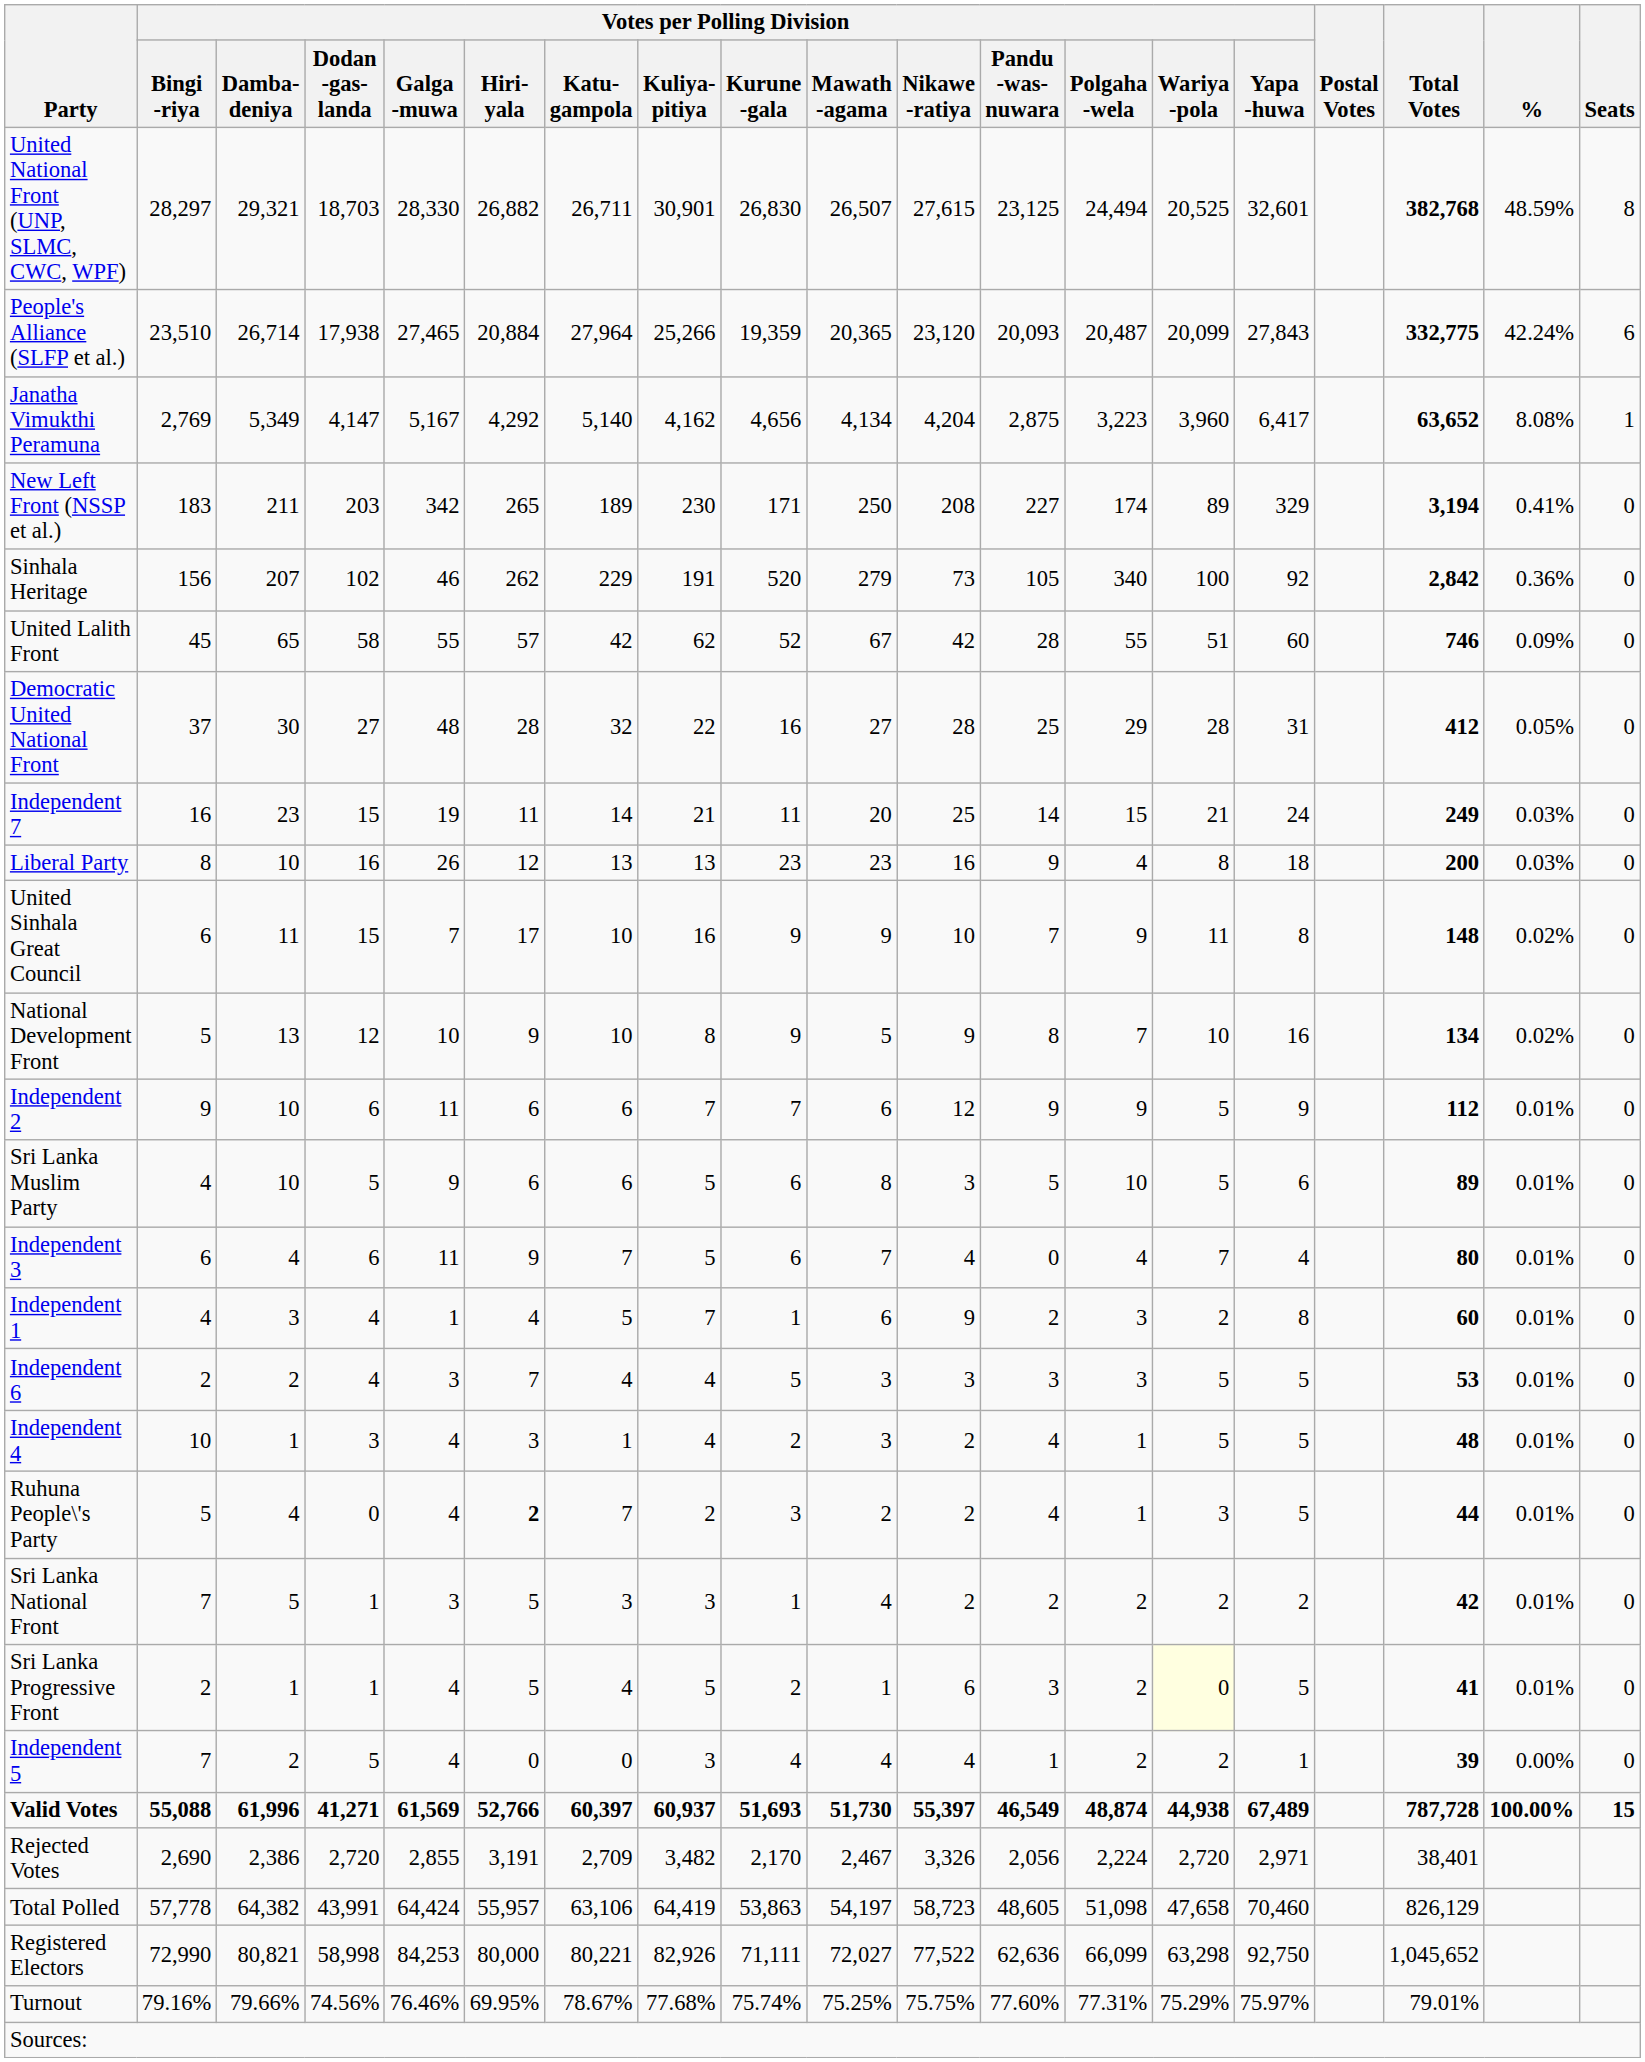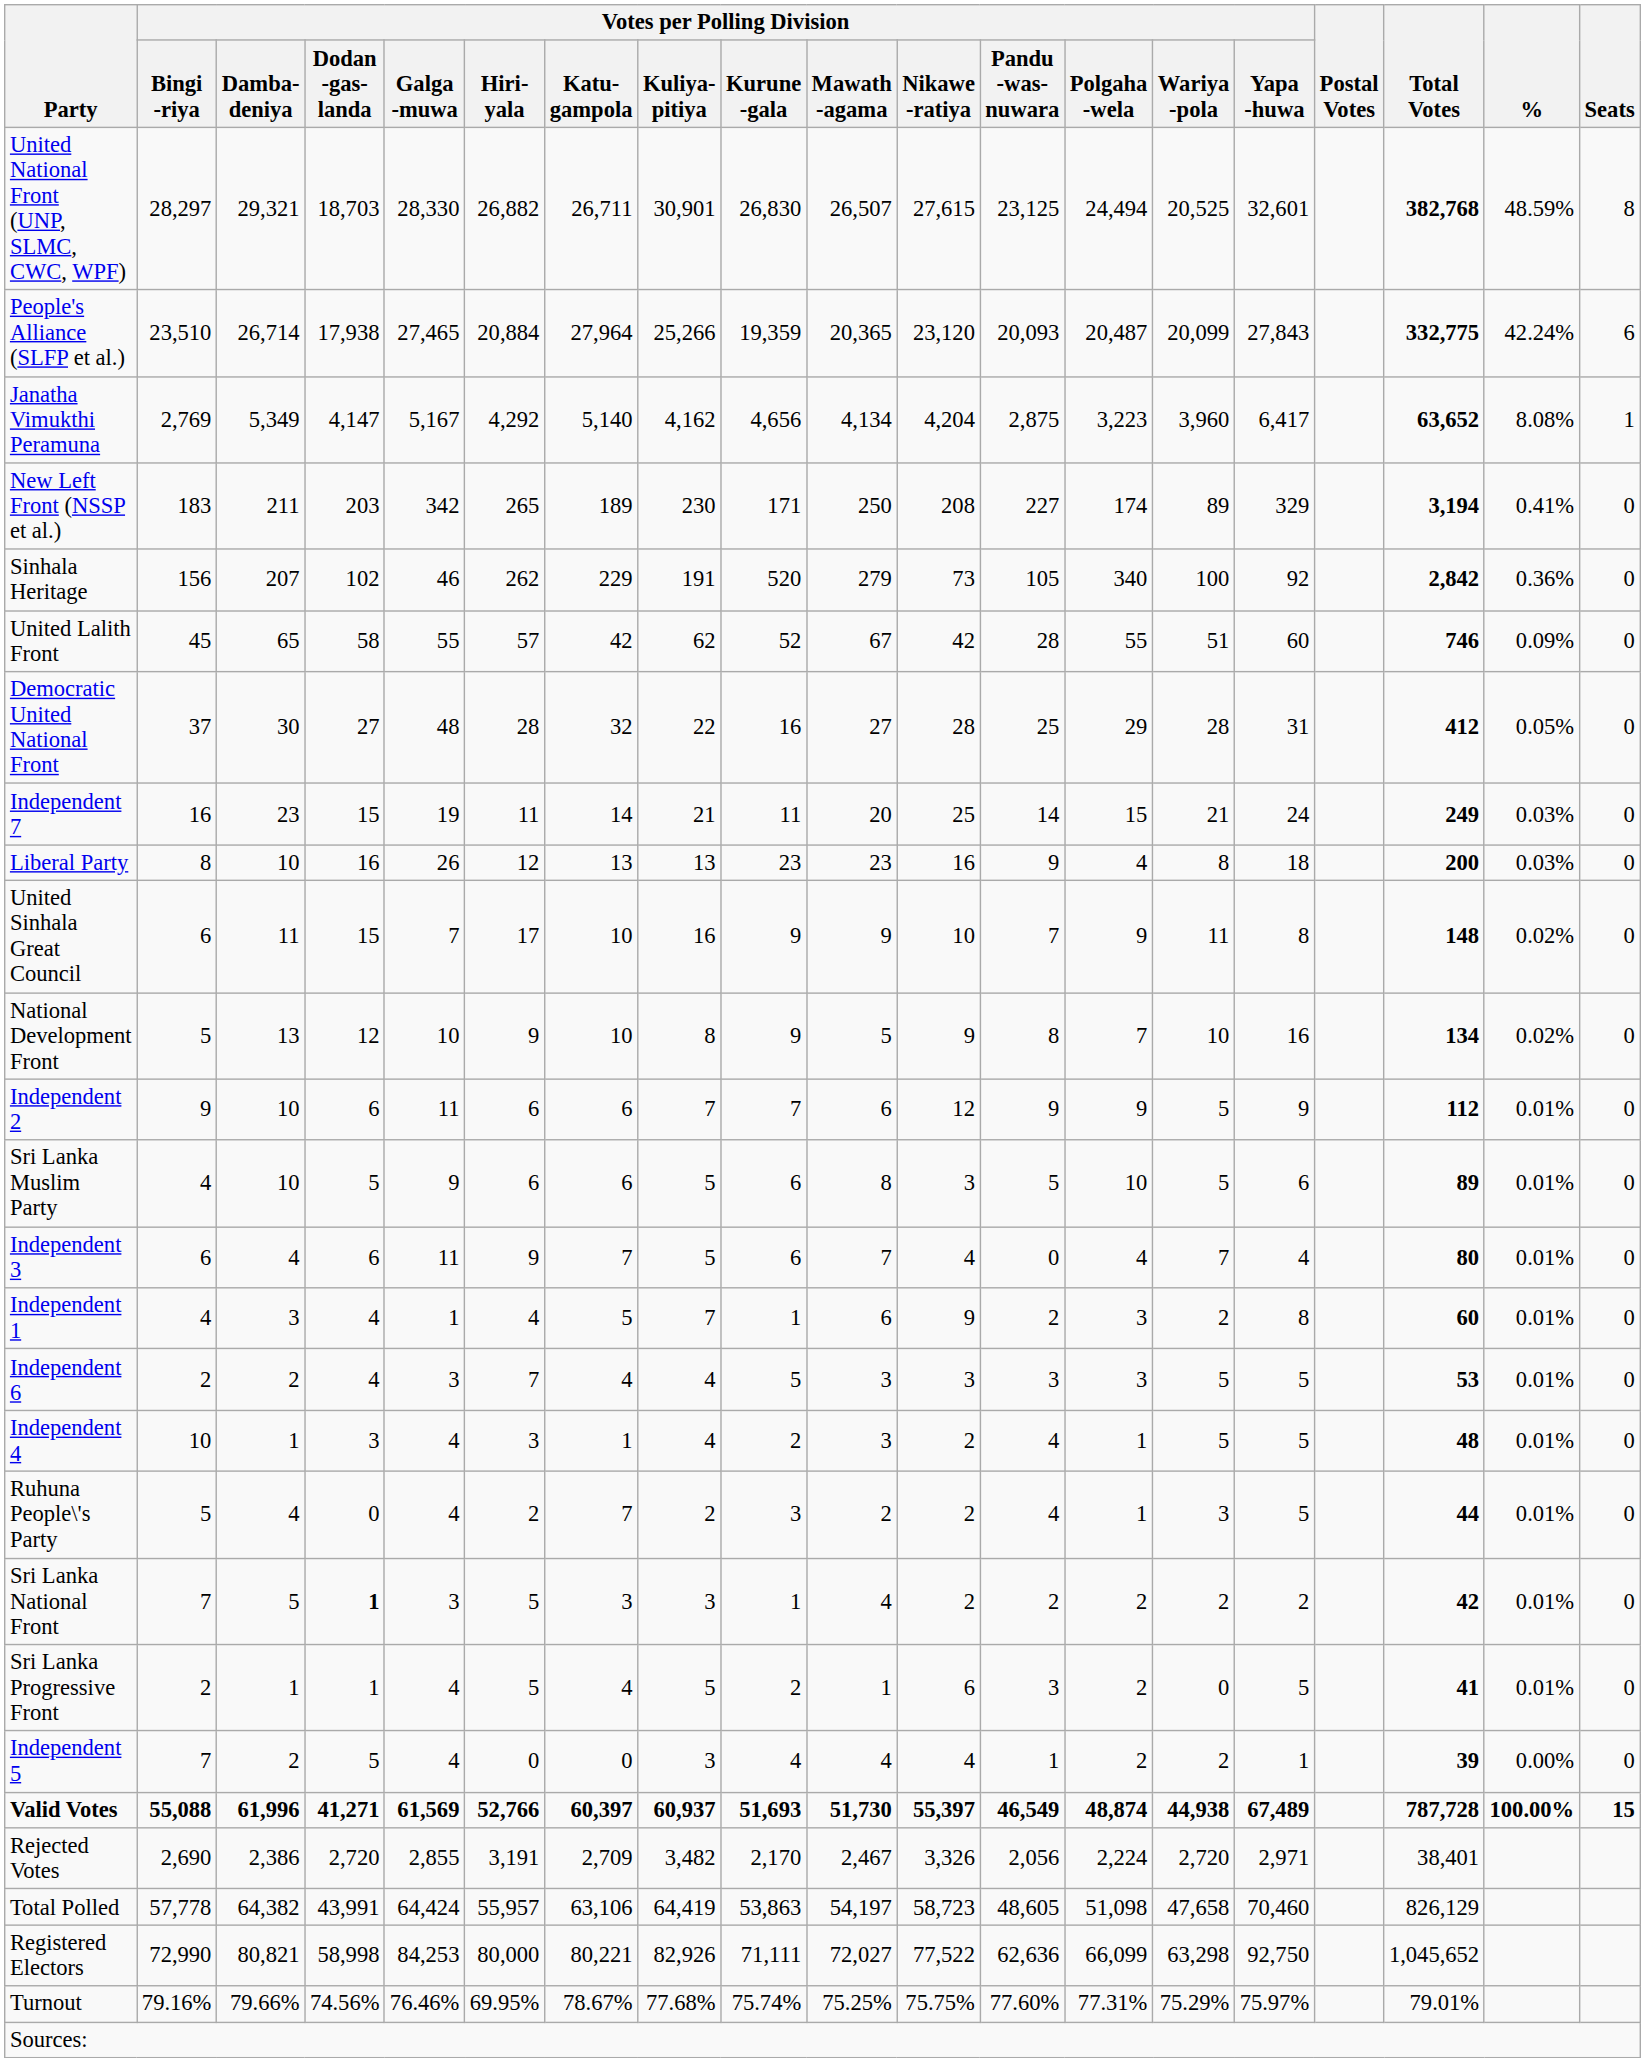 <table class="wikitable" border="1" style="text-align:right;">
 <tr>
 <th align=left valign=bottom rowspan=2 width="180">Party</th>
 <th colspan=14>Votes per Polling Division</th>
 <th align=center valign=bottom rowspan=2 width="50">Postal<br>Votes</th>
 <th align=center valign=bottom rowspan=2 width="50">Total Votes</th>
 <th align=center valign=bottom rowspan=2 width="50">%</th>
 <th align=center valign=bottom rowspan=2 width="40">Seats</th>
 </tr>
 <tr>
 <th align=center valign=bottom width="50">Bingi<br>-riya</th>
 <th align=center valign=bottom width="50">Damba-<br>deniya</th>
 <th align=center valign=bottom width="50">Dodan<br>-gas-<br>landa</th>
 <th align=center valign=bottom width="50">Galga<br>-muwa</th>
 <th align=center valign=bottom width="50">Hiri-<br>yala</th>
 <th align=center valign=bottom width="50">Katu-<br>gampola</th>
 <th align=center valign=bottom width="50">Kuliya-<br>pitiya</th>
 <th align=center valign=bottom width="50">Kurune<br>-gala</th>
 <th align=center valign=bottom width="50">Mawath<br>-agama</th>
 <th align=center valign=bottom width="50">Nikawe<br>-ratiya</th>
 <th align=center valign=bottom width="50">Pandu<br>-was-<br>nuwara</th>
 <th align=center valign=bottom width="50">Polgaha<br>-wela</th>
 <th align=center valign=bottom width="50">Wariya<br>-pola</th>
 <th align=center valign=bottom width="50">Yapa<br>-huwa</th>
 </tr>
 <tr>
 <td align=left><a href='#'>United National Front</a><br>(<a href='#'>UNP</a>, <a href='#'>SLMC</a>, <a href='#'>CWC</a>, <a href='#'>WPF</a>)</td>
 <td>28,297</td>
 <td>29,321</td>
 <td>18,703</td>
 <td>28,330</td>
 <td>26,882</td>
 <td>26,711</td>
 <td>30,901</td>
 <td>26,830</td>
 <td>26,507</td>
 <td>27,615</td>
 <td>23,125</td>
 <td>24,494</td>
 <td>20,525</td>
 <td>32,601</td>
 <td></td>
 <td><strong>382,768</strong></td>
 <td>48.59%</td>
 <td>8</td>
 </tr>
 <tr>
 <td align=left><a href='#'>People's Alliance</a><br>(<a href='#'>SLFP</a> et al.)</td>
 <td>23,510</td>
 <td>26,714</td>
 <td>17,938</td>
 <td>27,465</td>
 <td>20,884</td>
 <td>27,964</td>
 <td>25,266</td>
 <td>19,359</td>
 <td>20,365</td>
 <td>23,120</td>
 <td>20,093</td>
 <td>20,487</td>
 <td>20,099</td>
 <td>27,843</td>
 <td></td>
 <td><strong>332,775</strong></td>
 <td>42.24%</td>
 <td>6</td>
 </tr>
 <tr>
 <td align=left><a href='#'>Janatha Vimukthi Peramuna</a></td>
 <td>2,769</td>
 <td>5,349</td>
 <td>4,147</td>
 <td>5,167</td>
 <td>4,292</td>
 <td>5,140</td>
 <td>4,162</td>
 <td>4,656</td>
 <td>4,134</td>
 <td>4,204</td>
 <td>2,875</td>
 <td>3,223</td>
 <td>3,960</td>
 <td>6,417</td>
 <td></td>
 <td><strong>63,652</strong></td>
 <td>8.08%</td>
 <td>1</td>
 </tr>
 <tr>
 <td align=left><a href='#'>New Left Front</a> (<a href='#'>NSSP</a> et al.)</td>
 <td>183</td>
 <td>211</td>
 <td>203</td>
 <td>342</td>
 <td>265</td>
 <td>189</td>
 <td>230</td>
 <td>171</td>
 <td>250</td>
 <td>208</td>
 <td>227</td>
 <td>174</td>
 <td>89</td>
 <td>329</td>
 <td></td>
 <td><strong>3,194</strong></td>
 <td>0.41%</td>
 <td>0</td>
 </tr>
 <tr>
 <td align=left>Sinhala Heritage</td>
 <td>156</td>
 <td>207</td>
 <td>102</td>
 <td>46</td>
 <td>262</td>
 <td>229</td>
 <td>191</td>
 <td>520</td>
 <td>279</td>
 <td>73</td>
 <td>105</td>
 <td>340</td>
 <td>100</td>
 <td>92</td>
 <td></td>
 <td><strong>2,842</strong></td>
 <td>0.36%</td>
 <td>0</td>
 </tr>
 <tr>
 <td align=left>United Lalith Front</td>
 <td>45</td>
 <td>65</td>
 <td>58</td>
 <td>55</td>
 <td>57</td>
 <td>42</td>
 <td>62</td>
 <td>52</td>
 <td>67</td>
 <td>42</td>
 <td>28</td>
 <td>55</td>
 <td>51</td>
 <td>60</td>
 <td></td>
 <td><strong>746</strong></td>
 <td>0.09%</td>
 <td>0</td>
 </tr>
 <tr>
 <td align=left><a href='#'>Democratic United National Front</a></td>
 <td>37</td>
 <td>30</td>
 <td>27</td>
 <td>48</td>
 <td>28</td>
 <td>32</td>
 <td>22</td>
 <td>16</td>
 <td>27</td>
 <td>28</td>
 <td>25</td>
 <td>29</td>
 <td>28</td>
 <td>31</td>
 <td></td>
 <td><strong>412</strong></td>
 <td>0.05%</td>
 <td>0</td>
 </tr>
 <tr>
 <td align=left><a href='#'>Independent 7</a></td>
 <td>16</td>
 <td>23</td>
 <td>15</td>
 <td>19</td>
 <td>11</td>
 <td>14</td>
 <td>21</td>
 <td>11</td>
 <td>20</td>
 <td>25</td>
 <td>14</td>
 <td>15</td>
 <td>21</td>
 <td>24</td>
 <td></td>
 <td><strong>249</strong></td>
 <td>0.03%</td>
 <td>0</td>
 </tr>
 <tr>
 <td align=left><a href='#'>Liberal Party</a></td>
 <td>8</td>
 <td>10</td>
 <td>16</td>
 <td>26</td>
 <td>12</td>
 <td>13</td>
 <td>13</td>
 <td>23</td>
 <td>23</td>
 <td>16</td>
 <td>9</td>
 <td>4</td>
 <td>8</td>
 <td>18</td>
 <td></td>
 <td><strong>200</strong></td>
 <td>0.03%</td>
 <td>0</td>
 </tr>
 <tr>
 <td align=left>United Sinhala Great Council</td>
 <td>6</td>
 <td>11</td>
 <td>15</td>
 <td>7</td>
 <td>17</td>
 <td>10</td>
 <td>16</td>
 <td>9</td>
 <td>9</td>
 <td>10</td>
 <td>7</td>
 <td>9</td>
 <td>11</td>
 <td>8</td>
 <td></td>
 <td><strong>148</strong></td>
 <td>0.02%</td>
 <td>0</td>
 </tr>
 <tr>
 <td align=left>National Development Front</td>
 <td>5</td>
 <td>13</td>
 <td>12</td>
 <td>10</td>
 <td>9</td>
 <td>10</td>
 <td>8</td>
 <td>9</td>
 <td>5</td>
 <td>9</td>
 <td>8</td>
 <td>7</td>
 <td>10</td>
 <td>16</td>
 <td></td>
 <td><strong>134</strong></td>
 <td>0.02%</td>
 <td>0</td>
 </tr>
 <tr>
 <td align=left><a href='#'>Independent 2</a></td>
 <td>9</td>
 <td>10</td>
 <td>6</td>
 <td>11</td>
 <td>6</td>
 <td>6</td>
 <td>7</td>
 <td>7</td>
 <td>6</td>
 <td>12</td>
 <td>9</td>
 <td>9</td>
 <td>5</td>
 <td>9</td>
 <td></td>
 <td><strong>112</strong></td>
 <td>0.01%</td>
 <td>0</td>
 </tr>
 <tr>
 <td align=left>Sri Lanka Muslim Party</td>
 <td>4</td>
 <td>10</td>
 <td>5</td>
 <td>9</td>
 <td>6</td>
 <td>6</td>
 <td>5</td>
 <td>6</td>
 <td>8</td>
 <td>3</td>
 <td>5</td>
 <td>10</td>
 <td>5</td>
 <td>6</td>
 <td></td>
 <td><strong>89</strong></td>
 <td>0.01%</td>
 <td>0</td>
 </tr>
 <tr>
 <td align=left><a href='#'>Independent 3</a></td>
 <td>6</td>
 <td>4</td>
 <td>6</td>
 <td>11</td>
 <td>9</td>
 <td>7</td>
 <td>5</td>
 <td>6</td>
 <td>7</td>
 <td>4</td>
 <td>0</td>
 <td>4</td>
 <td>7</td>
 <td>4</td>
 <td></td>
 <td><strong>80</strong></td>
 <td>0.01%</td>
 <td>0</td>
 </tr>
 <tr>
 <td align=left><a href='#'>Independent 1</a></td>
 <td>4</td>
 <td>3</td>
 <td>4</td>
 <td>1</td>
 <td>4</td>
 <td>5</td>
 <td>7</td>
 <td>1</td>
 <td>6</td>
 <td>9</td>
 <td>2</td>
 <td>3</td>
 <td>2</td>
 <td>8</td>
 <td></td>
 <td><strong>60</strong></td>
 <td>0.01%</td>
 <td>0</td>
 </tr>
 <tr>
 <td align=left><a href='#'>Independent 6</a></td>
 <td>2</td>
 <td>2</td>
 <td>4</td>
 <td>3</td>
 <td>7</td>
 <td>4</td>
 <td>4</td>
 <td>5</td>
 <td>3</td>
 <td>3</td>
 <td>3</td>
 <td>3</td>
 <td>5</td>
 <td>5</td>
 <td></td>
 <td><strong>53</strong></td>
 <td>0.01%</td>
 <td>0</td>
 </tr>
 <tr>
 <td align=left><a href='#'>Independent 4</a></td>
 <td>10</td>
 <td>1</td>
 <td>3</td>
 <td>4</td>
 <td>3</td>
 <td>1</td>
 <td>4</td>
 <td>2</td>
 <td>3</td>
 <td>2</td>
 <td>4</td>
 <td>1</td>
 <td>5</td>
 <td>5</td>
 <td></td>
 <td><strong>48</strong></td>
 <td>0.01%</td>
 <td>0</td>
 </tr>
 <tr>
 <td align=left>Ruhuna People\'s Party</td>
 <td>5</td>
 <td>4</td>
 <td>0</td>
 <td>4</td>
-<td><strong>2</strong></td>
+<td>2</td>
 <td>7</td>
 <td>2</td>
 <td>3</td>
 <td>2</td>
 <td>2</td>
 <td>4</td>
 <td>1</td>
 <td>3</td>
 <td>5</td>
 <td></td>
 <td><strong>44</strong></td>
 <td>0.01%</td>
 <td>0</td>
 </tr>
 <tr>
 <td align=left>Sri Lanka National Front</td>
 <td>7</td>
 <td>5</td>
-<td>1</td>
+<td><strong>1</strong></td>
 <td>3</td>
 <td>5</td>
 <td>3</td>
 <td>3</td>
 <td>1</td>
 <td>4</td>
 <td>2</td>
 <td>2</td>
 <td>2</td>
 <td>2</td>
 <td>2</td>
 <td></td>
 <td><strong>42</strong></td>
 <td>0.01%</td>
 <td>0</td>
 </tr>
 <tr>
 <td align=left>Sri Lanka Progressive Front</td>
 <td>2</td>
 <td>1</td>
 <td>1</td>
 <td>4</td>
 <td>5</td>
 <td>4</td>
 <td>5</td>
 <td>2</td>
 <td>1</td>
 <td>6</td>
 <td>3</td>
 <td>2</td>
-<td style="background: lightyellow;">0</td>
+<td>0</td>
 <td>5</td>
 <td></td>
 <td><strong>41</strong></td>
 <td>0.01%</td>
 <td>0</td>
 </tr>
 <tr>
 <td align=left><a href='#'>Independent 5</a></td>
 <td>7</td>
 <td>2</td>
 <td>5</td>
 <td>4</td>
 <td>0</td>
 <td>0</td>
 <td>3</td>
 <td>4</td>
 <td>4</td>
 <td>4</td>
 <td>1</td>
 <td>2</td>
 <td>2</td>
 <td>1</td>
 <td></td>
 <td><strong>39</strong></td>
 <td>0.00%</td>
 <td>0</td>
 </tr>
 <tr>
 <td align=left><strong>Valid Votes</strong></td>
 <td><strong>55,088</strong></td>
 <td><strong>61,996</strong></td>
 <td><strong>41,271</strong></td>
 <td><strong>61,569</strong></td>
 <td><strong>52,766</strong></td>
 <td><strong>60,397</strong></td>
 <td><strong>60,937</strong></td>
 <td><strong>51,693</strong></td>
 <td><strong>51,730</strong></td>
 <td><strong>55,397</strong></td>
 <td><strong>46,549</strong></td>
 <td><strong>48,874</strong></td>
 <td><strong>44,938</strong></td>
 <td><strong>67,489</strong></td>
 <td></td>
 <td><strong>787,728</strong></td>
 <td><strong>100.00%</strong></td>
 <td><strong>15</strong></td>
 </tr>
 <tr>
 <td align=left>Rejected Votes</td>
 <td>2,690</td>
 <td>2,386</td>
 <td>2,720</td>
 <td>2,855</td>
 <td>3,191</td>
 <td>2,709</td>
 <td>3,482</td>
 <td>2,170</td>
 <td>2,467</td>
 <td>3,326</td>
 <td>2,056</td>
 <td>2,224</td>
 <td>2,720</td>
 <td>2,971</td>
 <td></td>
 <td>38,401</td>
 <td></td>
 <td></td>
 </tr>
 <tr>
 <td align=left>Total Polled</td>
 <td>57,778</td>
 <td>64,382</td>
 <td>43,991</td>
 <td>64,424</td>
 <td>55,957</td>
 <td>63,106</td>
 <td>64,419</td>
 <td>53,863</td>
 <td>54,197</td>
 <td>58,723</td>
 <td>48,605</td>
 <td>51,098</td>
 <td>47,658</td>
 <td>70,460</td>
 <td></td>
 <td>826,129</td>
 <td></td>
 </tr>
 <tr>
 <td align=left>Registered Electors</td>
 <td>72,990</td>
 <td>80,821</td>
 <td>58,998</td>
 <td>84,253</td>
 <td>80,000</td>
 <td>80,221</td>
 <td>82,926</td>
 <td>71,111</td>
 <td>72,027</td>
 <td>77,522</td>
 <td>62,636</td>
 <td>66,099</td>
 <td>63,298</td>
 <td>92,750</td>
 <td></td>
 <td>1,045,652</td>
 <td></td>
 <td></td>
 </tr>
 <tr>
 <td align=left>Turnout</td>
 <td>79.16%</td>
 <td>79.66%</td>
 <td>74.56%</td>
 <td>76.46%</td>
 <td>69.95%</td>
 <td>78.67%</td>
 <td>77.68%</td>
 <td>75.74%</td>
 <td>75.25%</td>
 <td>75.75%</td>
 <td>77.60%</td>
 <td>77.31%</td>
 <td>75.29%</td>
 <td>75.97%</td>
 <td></td>
 <td>79.01%</td>
 <td></td>
 <td></td>
 </tr>
 <tr>
 <td align=left colspan=20>Sources:</td>
 </tr>
 </table>
